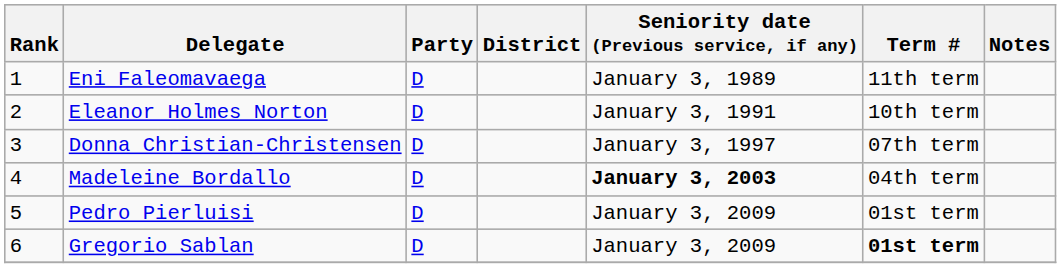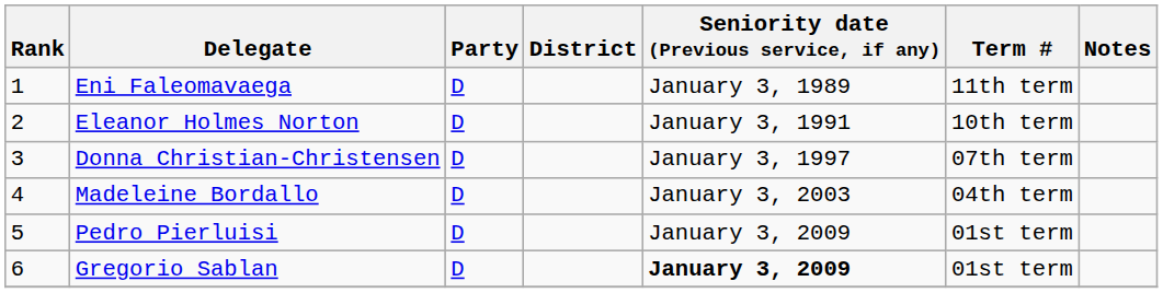 <table class="wikitable sortable">
 <tr valign=bottom>
 <th>Rank</th>
 <th>Delegate</th>
 <th>Party</th>
 <th>District</th>
 <th>Seniority date<br><small>(Previous service, if any)</small><br></th>
 <th>Term #</th>
 <th>Notes</th>
 </tr>
 <tr>
 <td>1</td>
 <td><a href='#'>Eni Faleomavaega</a></td>
 <td><a href='#'>D</a></td>
 <td></td>
 <td>January 3, 1989</td>
 <td>11th term</td>
 <td></td>
 </tr>
 <tr>
 <td>2</td>
 <td><a href='#'>Eleanor Holmes Norton</a></td>
 <td><a href='#'>D</a></td>
 <td></td>
 <td>January 3, 1991</td>
 <td>10th term</td>
 <td></td>
 </tr>
 <tr>
 <td>3</td>
 <td><a href='#'>Donna Christian-Christensen</a></td>
 <td><a href='#'>D</a></td>
 <td></td>
 <td>January 3, 1997</td>
 <td>07th term</td>
 <td></td>
 </tr>
 <tr>
 <td>4</td>
 <td><a href='#'>Madeleine Bordallo</a></td>
 <td><a href='#'>D</a></td>
 <td></td>
-<td><strong>January 3, 2003</strong></td>
+<td>January 3, 2003</td>
 <td>04th term</td>
 <td></td>
 </tr>
 <tr>
 <td>5</td>
 <td><a href='#'>Pedro Pierluisi</a></td>
 <td><a href='#'>D</a></td>
 <td></td>
 <td>January 3, 2009</td>
 <td>01st term</td>
 <td></td>
 </tr>
 <tr>
 <td>6</td>
 <td><a href='#'>Gregorio Sablan</a></td>
 <td><a href='#'>D</a></td>
 <td></td>
-<td>January 3, 2009</td>
-<td><strong>01st term</strong></td>
+<td><strong>January 3, 2009</strong></td>
+<td>01st term</td>
 <td></td>
 </tr>
 <tr>
 </tr>
 </table>
